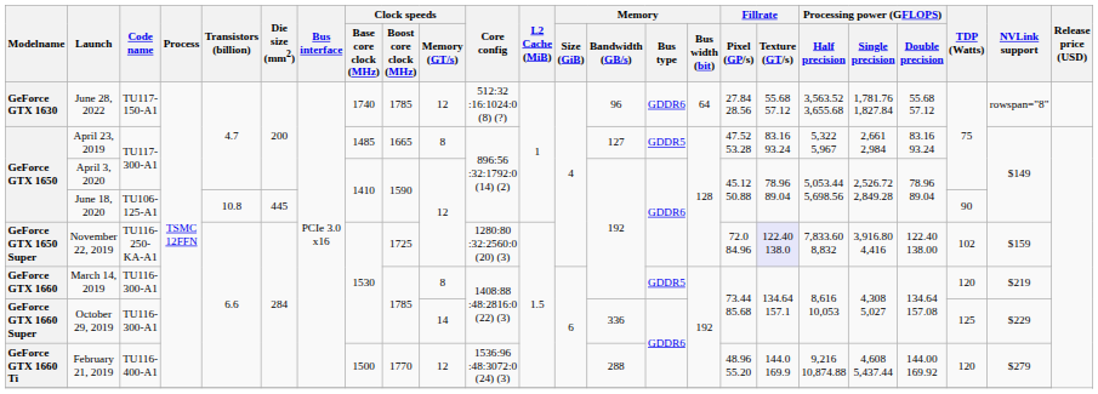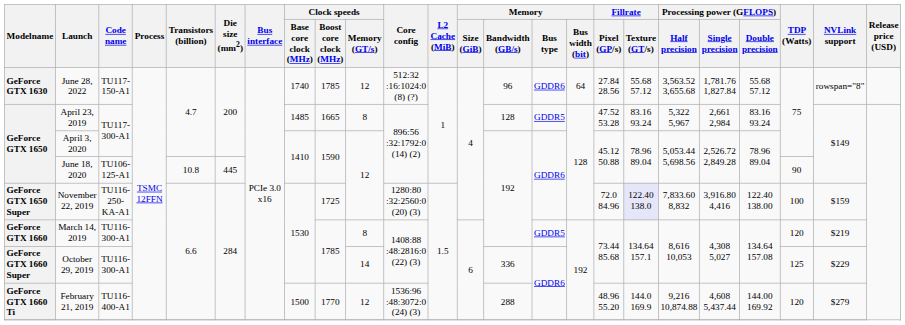 <table class="mw-datatable wikitable sortable sort-under" style="font-size:85%; text-align:center;">
 <tr>
 <th rowspan="2">Modelname</th>
 <th rowspan="2">Launch</th>
 <th rowspan="2"><a href='#'>Code name</a></th>
 <th rowspan="2">Process</th>
 <th rowspan="2">Transistors (billion)</th>
 <th rowspan="2">Die size (mm<sup>2</sup>)</th>
 <th rowspan="2"><a href='#'>Bus</a> <a href='#'>interface</a></th>
 <th colspan="3">Clock speeds</th>
 <th rowspan="2">Core config </th>
 <th rowspan="2"><a href='#'>L2 Cache</a> (<a href='#'>MiB</a>)</th>
 <th colspan="4">Memory</th>
 <th colspan="2"><a href='#'>Fillrate</a> </th>
 <th colspan="3">Processing power (G<a href='#'>FLOPS</a>) </th>
 <th rowspan="2"><a href='#'>TDP</a> (Watts)</th>
 <th rowspan="2"><a href='#'>NVLink</a> support</th>
 <th rowspan="2">Release price (USD)</th>
 </tr>
 <tr>
 <th>Base core clock (<a href='#'>MHz</a>)</th>
 <th>Boost core clock (<a href='#'>MHz</a>)</th>
 <th>Memory (<a href='#'>GT/s</a>)</th>
 <th>Size (<a href='#'>GiB</a>)</th>
 <th>Bandwidth (<a href='#'>GB/s</a>)</th>
 <th>Bus type</th>
 <th>Bus width (<a href='#'>bit</a>)</th>
 <th>Pixel (<a href='#'>GP</a>/s) </th>
 <th>Texture (<a href='#'>GT</a>/s) </th>
 <th><a href='#'>Half precision</a></th>
 <th><a href='#'>Single precision</a></th>
 <th><a href='#'>Double precision</a></th>
 </tr>
 <tr>
 <th style="text-align:left;">GeForce GTX 1630</th>
 <td>June 28, 2022 </td>
 <td>TU117-150-A1</td>
 <td rowspan="8"><a href='#'>TSMC</a><br><a href='#'>12FFN</a></td>
 <td rowspan="3">4.7</td>
 <td rowspan="3">200</td>
 <td rowspan="8">PCIe 3.0 x16</td>
 <td>1740</td>
 <td>1785</td>
 <td>12</td>
 <td>512:32 :16:1024:0 <br>(8) (?)</td>
 <td rowspan="4">1</td>
 <td rowspan="5">4</td>
 <td>96</td>
 <td><a href='#'>GDDR6</a></td>
 <td>64</td>
 <td>27.84 <br>28.56</td>
 <td>55.68<br>57.12</td>
 <td>3,563.52<br>3,655.68</td>
 <td>1,781.76<br>1,827.84</td>
 <td>55.68<br>57.12</td>
 <td rowspan="3">75</td>
 <td>rowspan="8" </td>
 <td></td>
 </tr>
 <tr>
 <th rowspan="3" style="text-align:left;">GeForce GTX 1650 </th>
 <td>April 23, 2019</td>
 <td rowspan="2">TU117-300-A1</td>
 <td>1485</td>
 <td>1665</td>
 <td>8</td>
 <td rowspan="3">896:56 :32:1792:0 <br>(14) (2)</td>
-<td>127</td>
+<td>128</td>
 <td><a href='#'>GDDR5</a></td>
 <td rowspan="4">128</td>
 <td>47.52<br>53.28</td>
 <td>83.16 <br>93.24</td>
 <td>5,322<br>5,967</td>
 <td>2,661<br>2,984</td>
 <td>83.16<br>93.24</td>
 <td rowspan="3">$149</td>
 </tr>
 <tr>
 <td>April 3, 2020 </td>
 <td rowspan="2">1410</td>
 <td rowspan="2">1590</td>
 <td rowspan="3">12</td>
 <td rowspan="4">192</td>
 <td rowspan="3"><a href='#'>GDDR6</a></td>
 <td rowspan="2">45.12<br>50.88</td>
 <td rowspan="2">78.96<br>89.04</td>
 <td rowspan="2">5,053.44<br>5,698.56</td>
 <td rowspan="2">2,526.72<br>2,849.28</td>
 <td rowspan="2">78.96<br>89.04</td>
 </tr>
 <tr>
 <td>June 18, 2020 </td>
 <td>TU106-125-A1</td>
 <td>10.8</td>
 <td>445</td>
 <td>90</td>
 </tr>
 <tr>
 <th style="text-align:left;">GeForce GTX 1650 Super </th>
 <td>November 22, 2019 </td>
 <td>TU116-250-KA-A1 </td>
 <td rowspan="4">6.6</td>
 <td rowspan="4">284</td>
 <td rowspan="3">1530</td>
 <td>1725</td>
 <td>1280:80 :32:2560:0 <br>(20) (3)</td>
 <td rowspan="4">1.5</td>
 <td>72.0<br>84.96</td>
 <td style="background: lavender;">122.40<br>138.0</td>
 <td>7,833.60 <br>8,832</td>
 <td>3,916.80<br>4,416</td>
 <td>122.40<br>138.00</td>
-<td>102</td>
+<td>100</td>
 <td>$159</td>
 </tr>
 <tr>
 <th style="text-align:left;">GeForce GTX 1660 </th>
 <td>March 14, 2019</td>
 <td>TU116-300-A1</td>
 <td rowspan="2">1785</td>
 <td>8</td>
 <td rowspan="2">1408:88 :48:2816:0 <br>(22) (3)</td>
 <td rowspan="3">6</td>
 <td><a href='#'>GDDR5</a></td>
 <td rowspan="3">192</td>
 <td rowspan="2">73.44<br>85.68</td>
 <td rowspan="2">134.64<br>157.1</td>
 <td rowspan="2">8,616<br>10,053</td>
 <td rowspan="2">4,308<br>5,027</td>
 <td rowspan="2">134.64<br>157.08</td>
 <td>120</td>
 <td>$219</td>
 </tr>
 <tr>
 <th style="text-align:left;">GeForce GTX 1660 Super </th>
 <td>October 29, 2019</td>
 <td>TU116-300-A1</td>
 <td>14</td>
 <td>336</td>
 <td rowspan="2"><a href='#'>GDDR6</a></td>
 <td>125</td>
 <td>$229</td>
 </tr>
 <tr>
 <th style="text-align:left;">GeForce GTX 1660 Ti </th>
 <td>February 21, 2019</td>
 <td>TU116-400-A1</td>
 <td>1500</td>
 <td>1770</td>
 <td>12</td>
 <td>1536:96 :48:3072:0 <br>(24) (3)</td>
 <td>288</td>
 <td>48.96<br>55.20</td>
 <td>144.0<br>169.9</td>
 <td>9,216<br>10,874.88</td>
 <td>4,608<br>5,437.44</td>
 <td>144.00<br>169.92</td>
 <td>120</td>
 <td>$279</td>
 </tr>
 <tr>
 </tr>
 </table>
